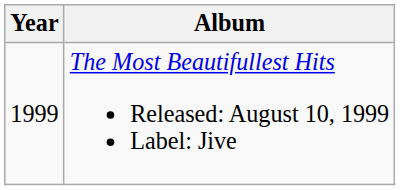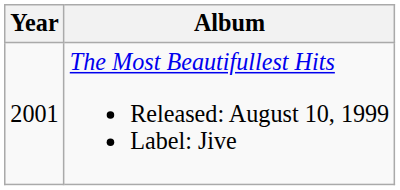 <table class="wikitable" style="text-align:center;">
 <tr>
 <th>Year</th>
 <th>Album</th>
 </tr>
 <tr>
-<td>1999</td>
+<td>2001</td>
 <td style="text-align:left;"><em><a href='#'>The Most Beautifullest Hits</a></em><br><ul><li>Released: August 10, 1999</li><li>Label: Jive</li></ul></td>
 </tr>
 </table>
